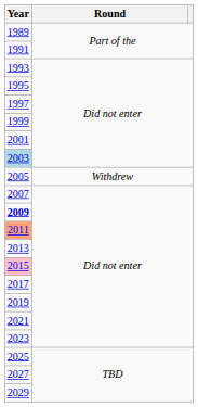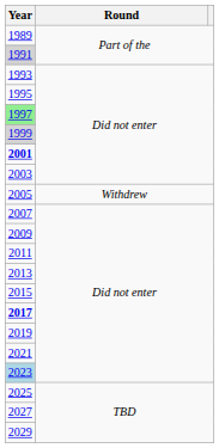 <table class="wikitable" style="text-align: center; font-size:90%">
 <tr>
 <th>Year</th>
 <th style="width:200px">Round</th>
 <th></th>
 </tr>
 <tr>
 <td><a href='#'>1989</a></td>
 <td colspan="2" rowspan="2"><em>Part of the </em></td>
 </tr>
 <tr>
-<td><a href='#'>1991</a></td>
+<td style="background: lightgrey;"><a href='#'>1991</a></td>
 </tr>
 <tr>
 <td><a href='#'>1993</a></td>
 <td colspan="2" rowspan="6"><em>Did not enter</em></td>
 </tr>
 <tr>
 <td><a href='#'>1995</a></td>
 </tr>
 <tr>
-<td><a href='#'>1997</a></td>
+<td style="background: lightgreen;"><a href='#'>1997</a></td>
 </tr>
 <tr>
-<td><a href='#'>1999</a></td>
+<td style="background: lightgrey;"><a href='#'>1999</a></td>
 </tr>
 <tr>
-<td><a href='#'>2001</a></td>
+<td><strong><a href='#'>2001</a></strong></td>
 </tr>
 <tr>
-<td style="background: lightblue;"><a href='#'>2003</a></td>
+<td><a href='#'>2003</a></td>
 </tr>
 <tr>
 <td><a href='#'>2005</a></td>
 <td colspan="2"><em>Withdrew</em></td>
 </tr>
 <tr>
 <td><a href='#'>2007</a></td>
 <td colspan="2" rowspan="9"><em>Did not enter</em></td>
 </tr>
 <tr>
-<td><strong><a href='#'>2009</a></strong></td>
+<td><a href='#'>2009</a></td>
 </tr>
 <tr>
-<td style="background: lightsalmon;"><a href='#'>2011</a></td>
+<td><a href='#'>2011</a></td>
 </tr>
 <tr>
 <td><a href='#'>2013</a></td>
 </tr>
 <tr>
-<td style="background: pink;"><a href='#'>2015</a></td>
+<td><a href='#'>2015</a></td>
 </tr>
 <tr>
-<td><a href='#'>2017</a></td>
+<td><strong><a href='#'>2017</a></strong></td>
 </tr>
 <tr>
 <td><a href='#'>2019</a></td>
 </tr>
 <tr>
 <td><a href='#'>2021</a></td>
 </tr>
 <tr>
-<td><a href='#'>2023</a></td>
+<td style="background: lightblue;"><a href='#'>2023</a></td>
 </tr>
 <tr>
 <td><a href='#'>2025</a></td>
 <td colspan="2" rowspan="3"><em>TBD</em></td>
 </tr>
 <tr>
 <td><a href='#'>2027</a></td>
 </tr>
 <tr>
 <td><a href='#'>2029</a></td>
 </tr>
 </table>
